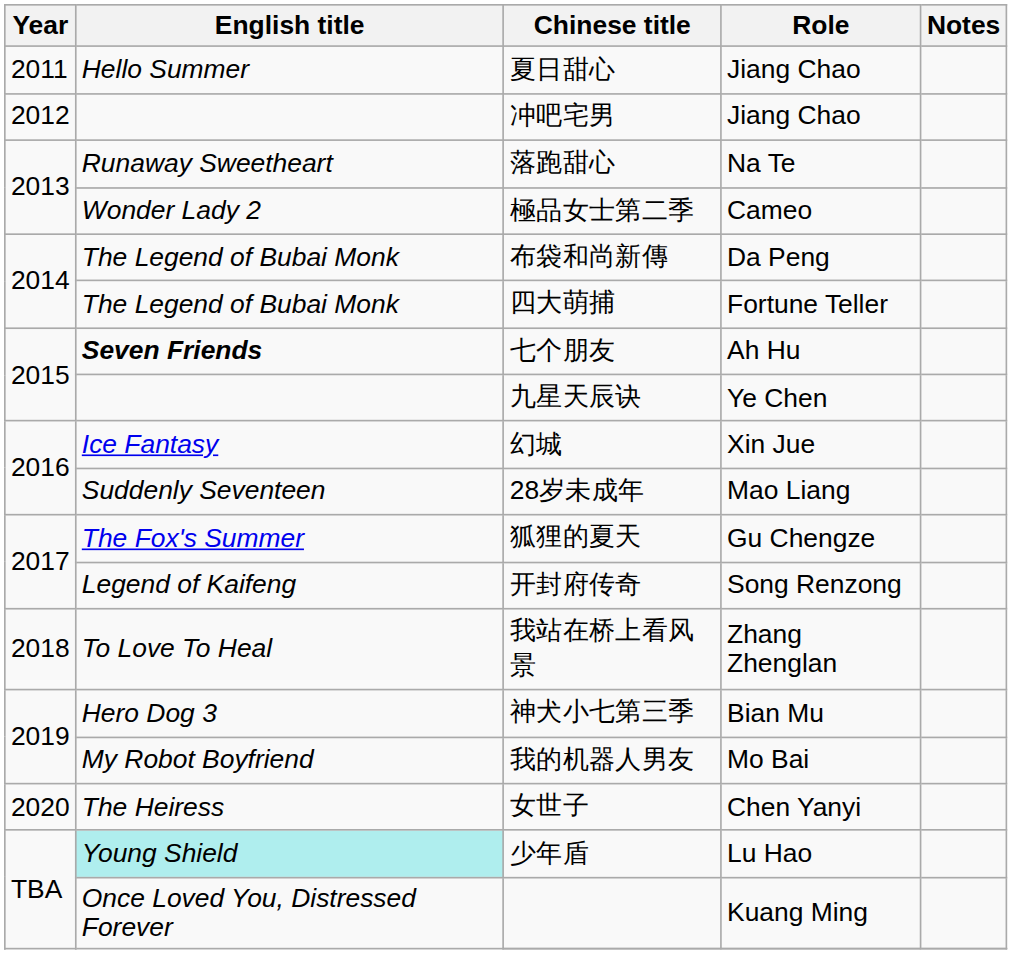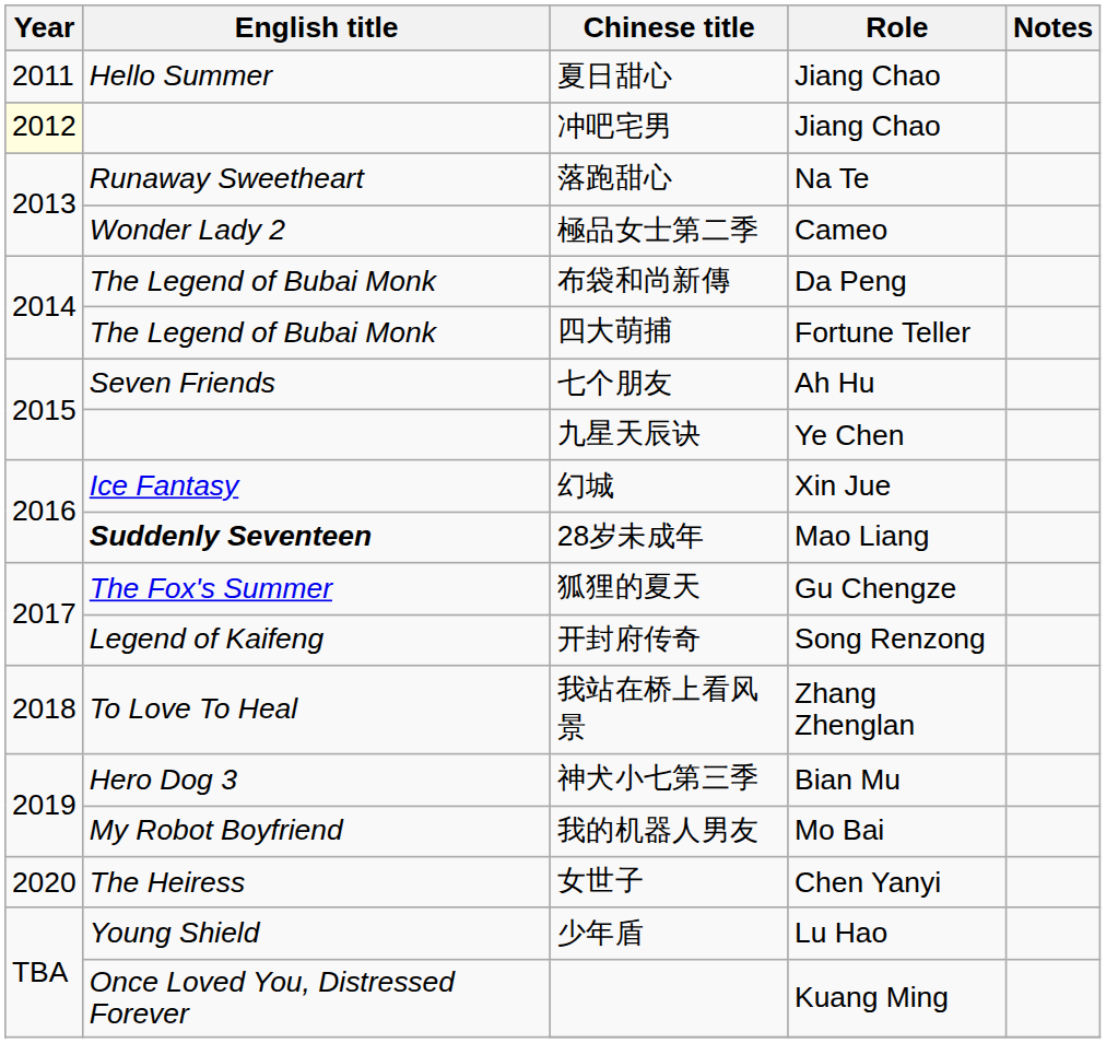 <table class="wikitable">
 <tr>
 <th>Year</th>
 <th>English title</th>
 <th>Chinese title</th>
 <th>Role</th>
 <th>Notes</th>
 </tr>
 <tr>
 <td>2011</td>
 <td><em>Hello Summer</em></td>
 <td>夏日甜心</td>
 <td>Jiang Chao</td>
 <td></td>
 </tr>
 <tr>
-<td>2012</td>
+<td style="background: lightyellow;">2012</td>
 <td></td>
 <td>冲吧宅男</td>
 <td>Jiang Chao</td>
 <td></td>
 </tr>
 <tr>
 <td rowspan=2>2013</td>
 <td><em>Runaway Sweetheart</em></td>
 <td>落跑甜心</td>
 <td>Na Te</td>
 <td></td>
 </tr>
 <tr>
 <td><em>Wonder Lady 2</em></td>
 <td>極品女士第二季</td>
 <td>Cameo</td>
 <td></td>
 </tr>
 <tr>
 <td rowspan=2>2014</td>
 <td><em>The Legend of Bubai Monk</em></td>
 <td>布袋和尚新傳</td>
 <td>Da Peng</td>
 <td></td>
 </tr>
 <tr>
 <td><em>The Legend of Bubai Monk</em></td>
 <td>四大萌捕</td>
 <td>Fortune Teller</td>
 <td></td>
 </tr>
 <tr>
 <td rowspan=2>2015</td>
-<td><strong><em>Seven Friends</em></strong></td>
+<td><em>Seven Friends</em></td>
 <td>七个朋友</td>
 <td>Ah Hu</td>
 <td></td>
 </tr>
 <tr>
 <td></td>
 <td>九星天辰诀</td>
 <td>Ye Chen</td>
 <td></td>
 </tr>
 <tr>
 <td rowspan=2>2016</td>
 <td><em><a href='#'>Ice Fantasy</a></em></td>
 <td>幻城</td>
 <td>Xin Jue</td>
 <td></td>
 </tr>
 <tr>
-<td><em>Suddenly Seventeen</em></td>
+<td><strong><em>Suddenly Seventeen</em></strong></td>
 <td>28岁未成年</td>
 <td>Mao Liang</td>
 <td></td>
 </tr>
 <tr>
 <td rowspan=2>2017</td>
 <td><em><a href='#'>The Fox's Summer</a></em></td>
 <td>狐狸的夏天</td>
 <td>Gu Chengze</td>
 <td></td>
 </tr>
 <tr>
 <td><em>Legend of Kaifeng</em></td>
 <td>开封府传奇</td>
 <td>Song Renzong</td>
 <td></td>
 </tr>
 <tr>
 <td>2018</td>
 <td><em>To Love To Heal</em></td>
 <td>我站在桥上看风景</td>
 <td>Zhang Zhenglan</td>
 <td></td>
 </tr>
 <tr>
 <td rowspan=2>2019</td>
 <td><em>Hero Dog 3</em></td>
 <td>神犬小七第三季</td>
 <td>Bian Mu</td>
 <td></td>
 </tr>
 <tr>
 <td><em>My Robot Boyfriend </em></td>
 <td>我的机器人男友</td>
 <td>Mo Bai</td>
 <td></td>
 </tr>
 <tr>
 <td>2020</td>
 <td><em>The Heiress</em></td>
 <td>女世子</td>
 <td>Chen Yanyi</td>
 <td></td>
 </tr>
 <tr>
 <td rowspan=4>TBA</td>
-<td style="background: paleturquoise;"><em>Young Shield</em></td>
+<td><em>Young Shield</em></td>
 <td>少年盾</td>
 <td>Lu Hao</td>
 <td></td>
 </tr>
 <tr>
 <td rowspan=4><em>Once Loved You, Distressed Forever</em></td>
 <td></td>
 <td>Kuang Ming</td>
 <td></td>
 </tr>
 <tr>
 </tr>
 </table>
